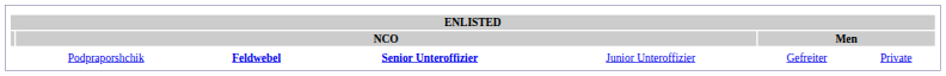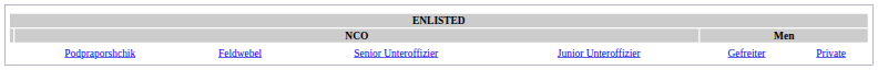 <table width="100%" style="border:1px solid #8888aa; background-color:#FFFFFF; padding:5px; font-size:95%; margin: 0px 12px 12px 0px; text-align:center">
 <tr>
 </tr>
 <tr bgcolor="#CCCCCC">
 </tr>
 <tr>
 </tr>
 <tr bgcolor="#CCCCCC">
 <th colspan=7>ENLISTED </th>
 </tr>
 <tr bgcolor="#CCCCCC">
 <th></th>
 <th colspan=4>NCO</th>
 <th colspan=2>Men</th>
 </tr>
 <tr>
 <td></td>
 <td></td>
 <td></td>
 <td></td>
 <td></td>
 <td></td>
 <td></td>
 </tr>
 <tr>
 <td></td>
 <td><a href='#'>Podpraporshchik</a></td>
-<td><strong><a href='#'>Feldwebel</a></strong></td>
-<td><strong><a href='#'>Senior Unteroffizier</a></strong></td>
+<td><a href='#'>Feldwebel</a></td>
+<td><a href='#'>Senior Unteroffizier</a></td>
 <td><a href='#'>Junior Unteroffizier</a></td>
 <td><a href='#'>Gefreiter</a></td>
 <td><a href='#'>Private</a></td>
 </tr>
 </table>
